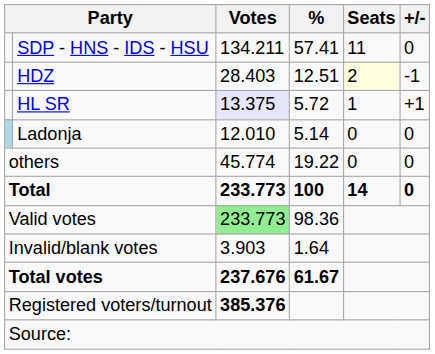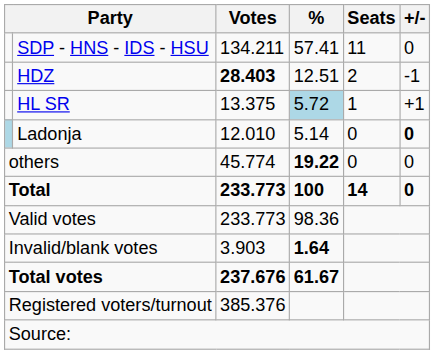 <table class="wikitable" style="text-align: left;">
 <tr>
 <th colspan="2">Party</th>
 <th>Votes</th>
 <th>%</th>
 <th>Seats</th>
 <th>+/-</th>
 </tr>
 <tr>
 <td style="background-color: "></td>
 <td><a href='#'>SDP</a> - <a href='#'>HNS</a> - <a href='#'>IDS</a> - <a href='#'>HSU</a></td>
 <td>134.211</td>
 <td>57.41</td>
 <td>11</td>
 <td>0</td>
 </tr>
 <tr>
 <td style="background-color: "></td>
 <td><a href='#'>HDZ</a></td>
-<td>28.403</td>
+<td><strong>28.403</strong></td>
 <td>12.51</td>
-<td style="background: lightyellow;">2</td>
+<td>2</td>
 <td>-1</td>
 </tr>
 <tr>
 <td style="background-color: "></td>
 <td><a href='#'>HL SR</a></td>
-<td style="background: lavender;">13.375</td>
-<td>5.72</td>
+<td>13.375</td>
+<td style="background: lightblue;">5.72</td>
 <td>1</td>
 <td>+1</td>
 </tr>
 <tr>
 <td style="background-color: lightblue"></td>
 <td>Ladonja</td>
 <td>12.010</td>
 <td>5.14</td>
 <td>0</td>
-<td>0</td>
+<td><strong>0</strong></td>
 </tr>
 <tr>
 <td colspan="2">others</td>
 <td>45.774</td>
-<td>19.22</td>
+<td><strong>19.22</strong></td>
 <td>0</td>
 <td>0</td>
 </tr>
 <tr>
 <td colspan="2"><strong>Total</strong></td>
 <td><strong>233.773</strong></td>
 <td><strong>100</strong></td>
 <td><strong>14</strong></td>
 <td><strong>0</strong></td>
 </tr>
 <tr>
 <td colspan="2">Valid votes</td>
-<td style="background: lightgreen;">233.773</td>
+<td>233.773</td>
 <td>98.36</td>
 <td colspan="2"></td>
 </tr>
 <tr>
 <td colspan="2">Invalid/blank votes</td>
 <td>3.903</td>
-<td>1.64</td>
+<td><strong>1.64</strong></td>
 <td colspan="2"></td>
 </tr>
 <tr>
 <td colspan="2"><strong>Total votes</strong></td>
 <td><strong>237.676</strong></td>
 <td><strong>61.67</strong></td>
 <td colspan="2"></td>
 </tr>
 <tr>
 <td colspan="2">Registered voters/turnout</td>
-<td votes14="5343"><strong>385.376</strong></td>
+<td votes14="5343">385.376</td>
 <td></td>
 <td colspan="2"></td>
 </tr>
 <tr>
 <td colspan="6">Source: </td>
 </tr>
 </table>
